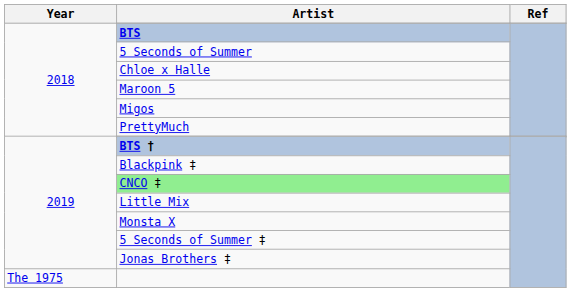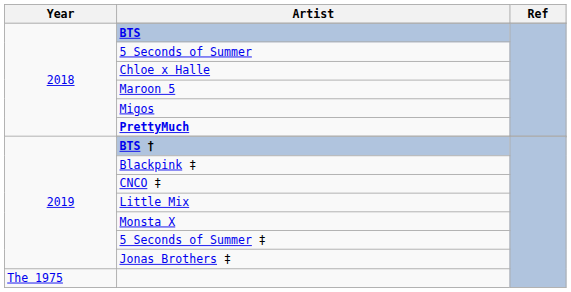 <table class="wikitable" style="width:50%;">
 <tr style="background:#bebebe;">
 <th style="width:10%;">Year</th>
 <th style="width:35%;">Artist</th>
 <th style="width:5%;">Ref</th>
 </tr>
 <tr>
 <td rowspan="7" align="center"><a href='#'>2018</a></td>
 </tr>
 <tr style="background:#B0C4DE">
 <td><strong><a href='#'>BTS</a></strong></td>
 <td rowspan="7" align="center"></td>
 </tr>
 <tr>
 <td><a href='#'>5 Seconds of Summer</a></td>
 </tr>
 <tr>
 <td><a href='#'>Chloe x Halle</a></td>
 </tr>
 <tr>
 <td><a href='#'>Maroon 5</a></td>
 </tr>
 <tr>
 <td><a href='#'>Migos</a></td>
 </tr>
 <tr>
-<td><a href='#'>PrettyMuch</a></td>
+<td><strong><a href='#'>PrettyMuch</a></strong></td>
 </tr>
 <tr>
 <td rowspan="9" align="center"><a href='#'>2019</a></td>
 </tr>
 <tr>
 </tr>
 <tr style="background:#B0C4DE">
 <td><strong><a href='#'>BTS</a> †</strong></td>
 <td rowspan="9" align="center"></td>
 </tr>
 <tr>
 <td><a href='#'>Blackpink</a> ‡</td>
 </tr>
 <tr>
-<td style="background: lightgreen;"><a href='#'>CNCO</a> ‡</td>
+<td><a href='#'>CNCO</a> ‡</td>
 </tr>
 <tr>
 <td><a href='#'>Little Mix</a></td>
 </tr>
 <tr>
 <td><a href='#'>Monsta X</a></td>
 </tr>
 <tr>
 <td><a href='#'>5 Seconds of Summer</a> ‡</td>
 </tr>
 <tr>
 <td><a href='#'>Jonas Brothers</a> ‡</td>
 </tr>
 <tr>
 <td><a href='#'>The 1975</a></td>
 </tr>
 </table>
